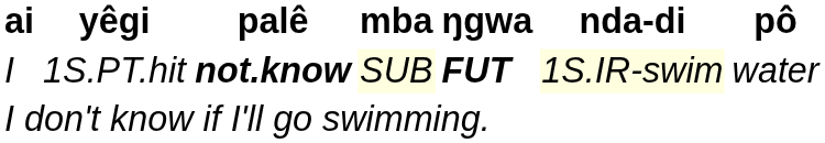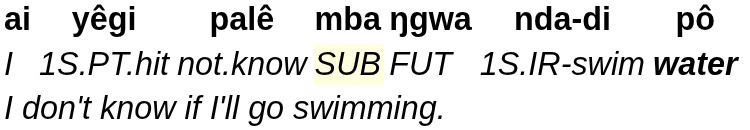 <table>
 <tr>
 <th>ai</th>
 <th>yêgi</th>
 <th>palê</th>
 <th>mba</th>
 <th>ŋgwa</th>
 <th>nda-di</th>
 <th>pô</th>
 </tr>
 <tr>
 <td><em>I</em></td>
 <td><em>1S.PT.hit</em></td>
-<td><strong><em>not.know</em></strong></td>
+<td><em>not.know</em></td>
 <td style="background: lightyellow;"><em>SUB</em></td>
-<td><strong><em>FUT</em></strong></td>
-<td style="background: lightyellow;"><em>1S.IR-swim</em></td>
-<td><em>water</em></td>
+<td><em>FUT</em></td>
+<td><em>1S.IR-swim</em></td>
+<td><strong><em>water</em></strong></td>
 </tr>
 <tr>
 <td colspan="7"><em>I don't know if I'll go swimming.</em></td>
 </tr>
 </table>
